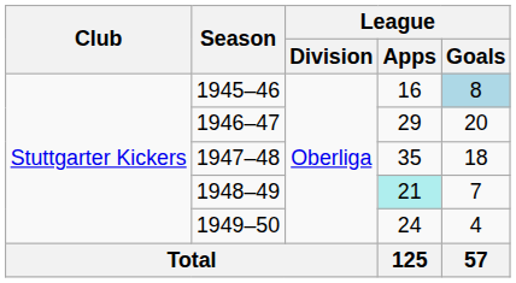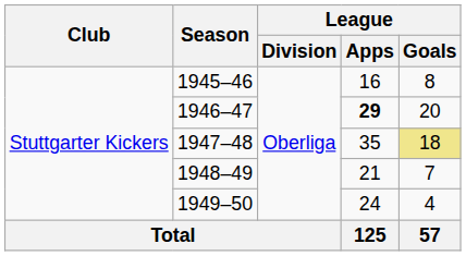 <table class="wikitable" style="text-align:center">
 <tr>
 <th rowspan="2">Club</th>
 <th rowspan="2">Season</th>
 <th colspan="3">League</th>
 </tr>
 <tr>
 <th>Division</th>
 <th>Apps</th>
 <th>Goals</th>
 </tr>
 <tr>
 <td rowspan="5"><a href='#'>Stuttgarter Kickers</a></td>
 <td>1945–46</td>
 <td rowspan="5"><a href='#'>Oberliga</a></td>
 <td>16</td>
-<td style="background: lightblue;">8</td>
+<td>8</td>
 </tr>
 <tr>
 <td>1946–47</td>
-<td>29</td>
+<td><strong>29</strong></td>
 <td>20</td>
 </tr>
 <tr>
 <td>1947–48</td>
 <td>35</td>
-<td>18</td>
+<td style="background: khaki;">18</td>
 </tr>
 <tr>
 <td>1948–49</td>
-<td style="background: paleturquoise;">21</td>
+<td>21</td>
 <td>7</td>
 </tr>
 <tr>
 <td>1949–50</td>
 <td>24</td>
 <td>4</td>
 </tr>
 <tr>
 <th colspan="3">Total</th>
 <th>125</th>
 <th>57</th>
 </tr>
 </table>
